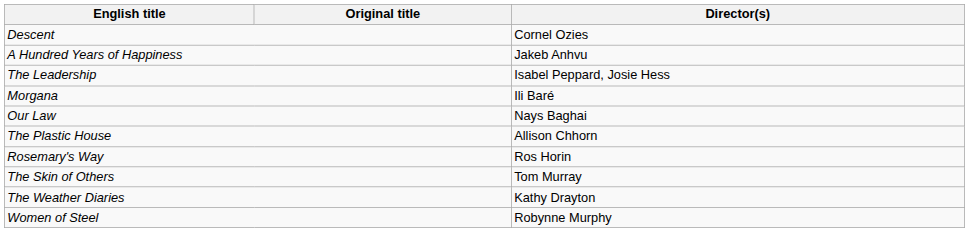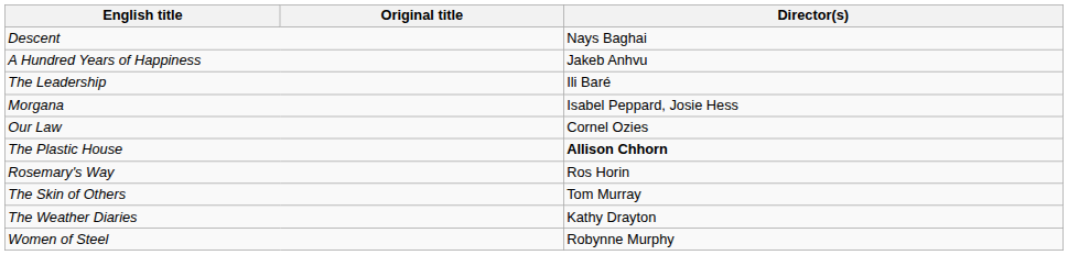 <table class="wikitable" style="width:95%; margin-bottom:2px">
 <tr>
 <th>English title</th>
 <th>Original title</th>
 <th>Director(s)</th>
 </tr>
 <tr>
 <td colspan="2"><em>Descent</em></td>
-<td>Cornel Ozies</td>
+<td>Nays Baghai</td>
 </tr>
 <tr>
 <td colspan="2"><em>A Hundred Years of Happiness</em></td>
 <td>Jakeb Anhvu</td>
 </tr>
 <tr>
 <td colspan="2"><em>The Leadership</em></td>
+<td>Ili Baré</td>
+</tr>
+<tr>
+<td colspan="2"><em>Morgana</em></td>
 <td>Isabel Peppard, Josie Hess</td>
 </tr>
 <tr>
-<td colspan="2"><em>Morgana</em></td>
-<td>Ili Baré</td>
-</tr>
-<tr>
 <td colspan="2"><em>Our Law</em></td>
-<td>Nays Baghai</td>
+<td>Cornel Ozies</td>
 </tr>
 <tr>
 <td colspan="2"><em>The Plastic House</em></td>
-<td>Allison Chhorn</td>
+<td><strong>Allison Chhorn</strong></td>
 </tr>
 <tr>
 <td colspan="2"><em>Rosemary's Way</em></td>
 <td>Ros Horin</td>
 </tr>
 <tr>
 <td colspan="2"><em>The Skin of Others</em></td>
 <td>Tom Murray</td>
 </tr>
 <tr>
 <td colspan="2"><em>The Weather Diaries</em></td>
 <td>Kathy Drayton</td>
 </tr>
 <tr>
 <td colspan="2"><em>Women of Steel</em></td>
 <td>Robynne Murphy</td>
 </tr>
 </table>
